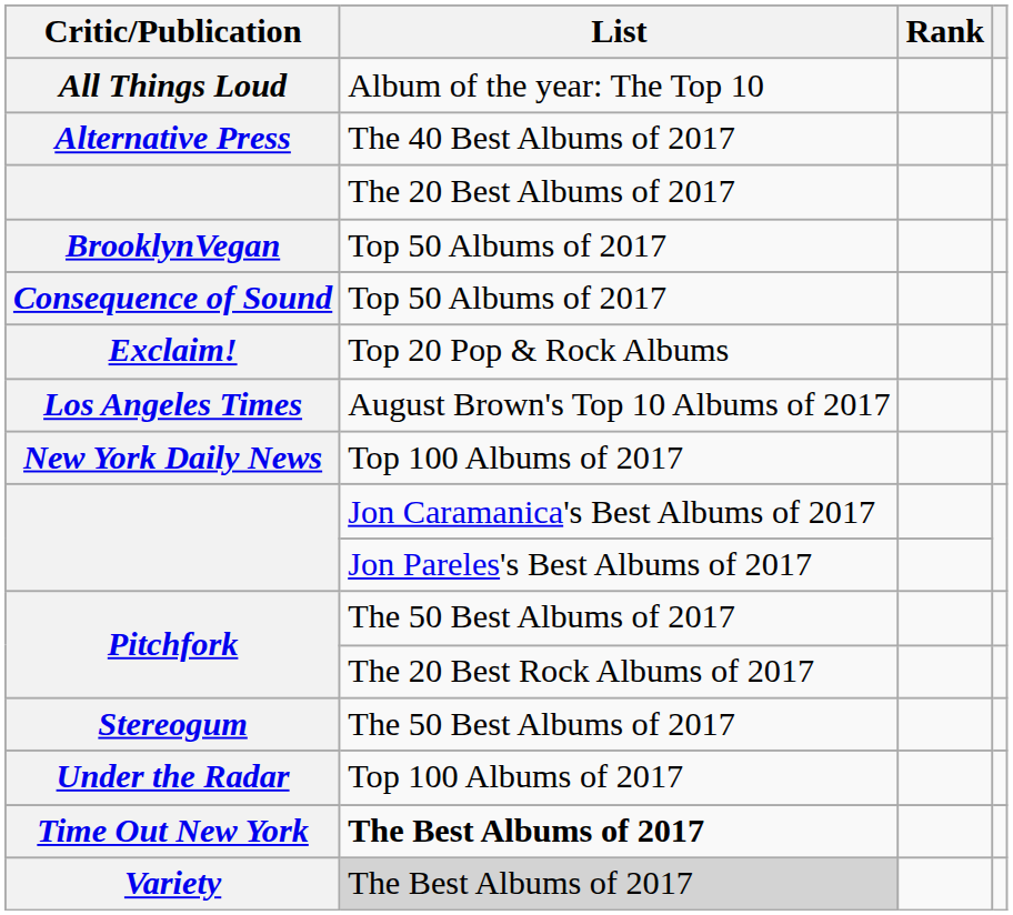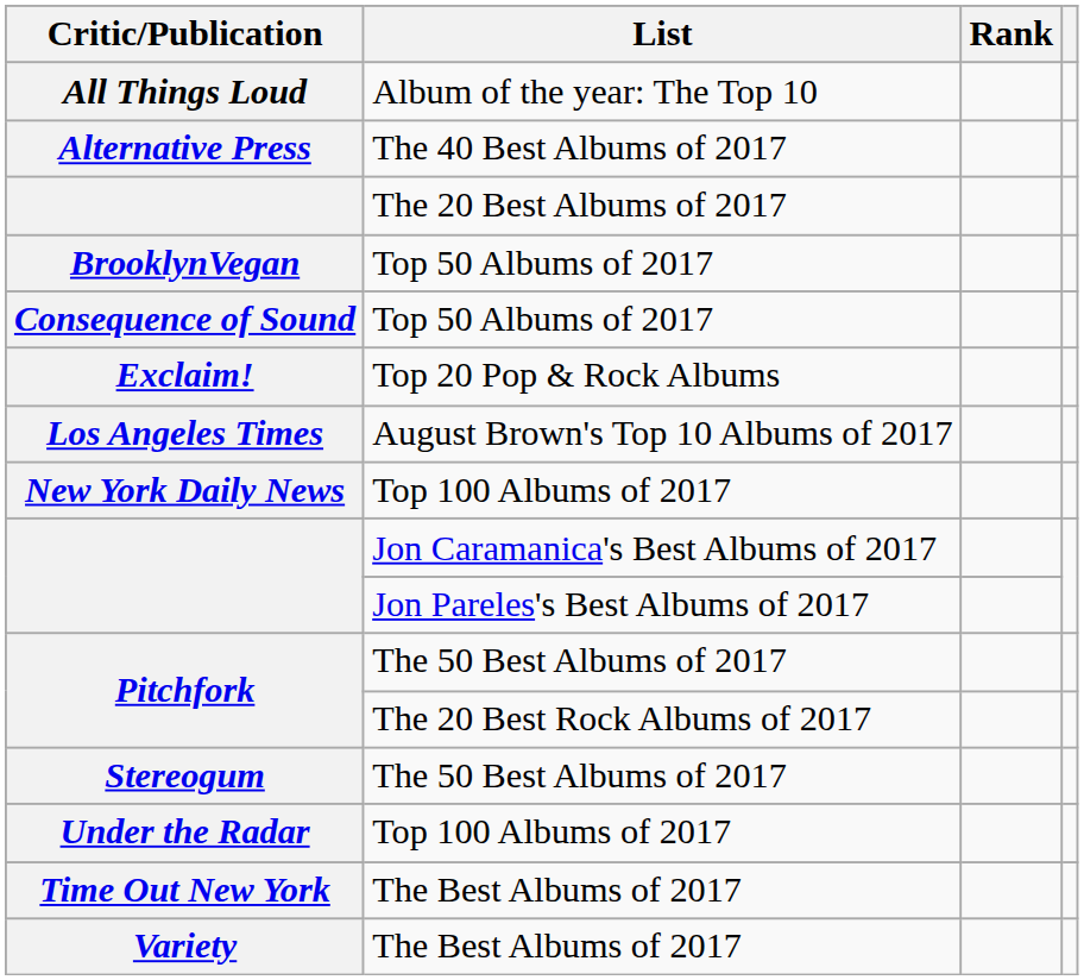 <table class="wikitable sortable plainrowheaders" style="border:none; margin:0;">
 <tr>
 <th scope="col">Critic/Publication</th>
 <th scope="col" class="unsortable">List</th>
 <th scope="col" data-sort-type="number">Rank</th>
 <th scope="col" class="unsortable"></th>
 </tr>
 <tr>
 <th scope="row"><em>All Things Loud</em></th>
 <td>Album of the year: The Top 10</td>
 <td></td>
 <td></td>
 </tr>
 <tr>
 <th scope="row"><em><a href='#'>Alternative Press</a></em></th>
 <td>The 40 Best Albums of 2017</td>
 <td></td>
 <td></td>
 </tr>
 <tr>
 <th scope="row"><em></em></th>
 <td>The 20 Best Albums of 2017</td>
 <td></td>
 <td></td>
 </tr>
 <tr>
 <th scope="row"><em><a href='#'>BrooklynVegan</a></em></th>
 <td>Top 50 Albums of 2017</td>
 <td></td>
 <td></td>
 </tr>
 <tr>
 <th scope="row"><em><a href='#'>Consequence of Sound</a></em></th>
 <td>Top 50 Albums of 2017</td>
 <td></td>
 <td></td>
 </tr>
 <tr>
 <th scope="row"><em><a href='#'>Exclaim!</a></em></th>
 <td>Top 20 Pop & Rock Albums</td>
 <td></td>
 <td></td>
 </tr>
 <tr>
 <th scope="row"><em><a href='#'>Los Angeles Times</a></em></th>
 <td>August Brown's Top 10 Albums of 2017</td>
 <td></td>
 <td></td>
 </tr>
 <tr>
 <th scope="row"><em><a href='#'>New York Daily News</a></em></th>
 <td>Top 100 Albums of 2017</td>
 <td></td>
 <td></td>
 </tr>
 <tr>
 <th scope="row" rowspan="2"><em></em></th>
 <td><a href='#'>Jon Caramanica</a>'s Best Albums of 2017</td>
 <td></td>
 <td rowspan="2"></td>
 </tr>
 <tr>
 <td><a href='#'>Jon Pareles</a>'s Best Albums of 2017</td>
 <td></td>
 </tr>
 <tr>
 <th scope="row" rowspan="2"><em><a href='#'>Pitchfork</a></em></th>
 <td>The 50 Best Albums of 2017</td>
 <td></td>
 <td></td>
 </tr>
 <tr>
 <td>The 20 Best Rock Albums of 2017</td>
 <td></td>
 <td></td>
 </tr>
 <tr>
 <th scope="row"><em><a href='#'>Stereogum</a></em></th>
 <td>The 50 Best Albums of 2017</td>
 <td></td>
 <td></td>
 </tr>
 <tr>
 <th scope="row"><em><a href='#'>Under the Radar</a></em></th>
 <td>Top 100 Albums of 2017</td>
 <td></td>
 <td></td>
 </tr>
 <tr>
 <th scope="row"><em><a href='#'>Time Out New York</a></em></th>
-<td><strong>The Best Albums of 2017</strong></td>
+<td>The Best Albums of 2017</td>
 <td></td>
 <td></td>
 </tr>
 <tr>
 <th scope="row"><em><a href='#'>Variety</a></em></th>
-<td style="background: lightgrey;">The Best Albums of 2017</td>
+<td>The Best Albums of 2017</td>
 <td></td>
 <td></td>
 </tr>
 <tr>
 </tr>
 </table>
